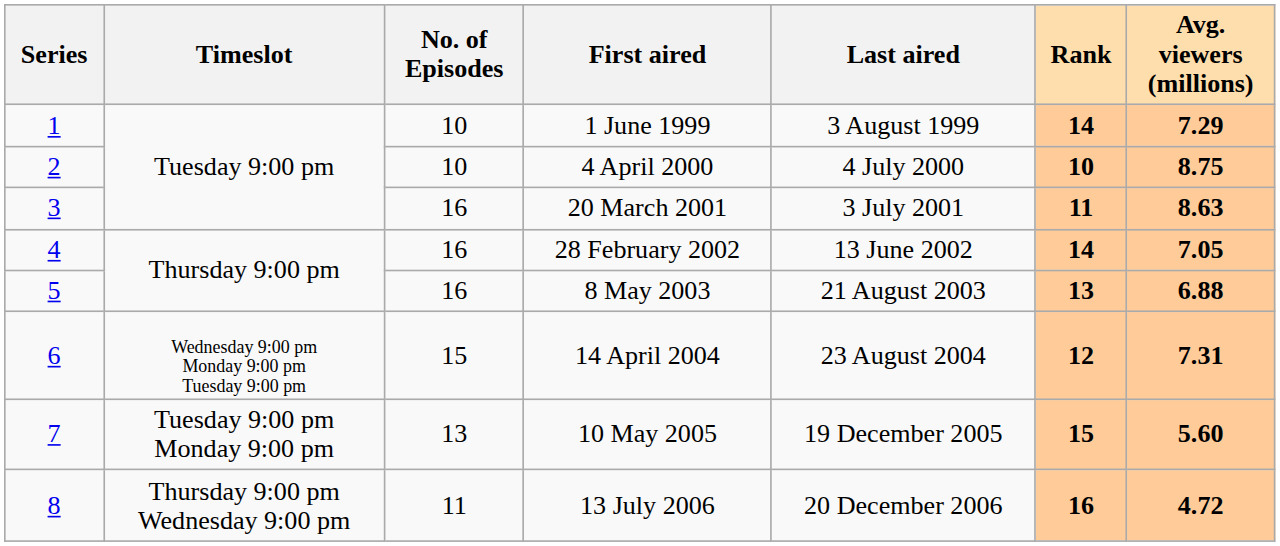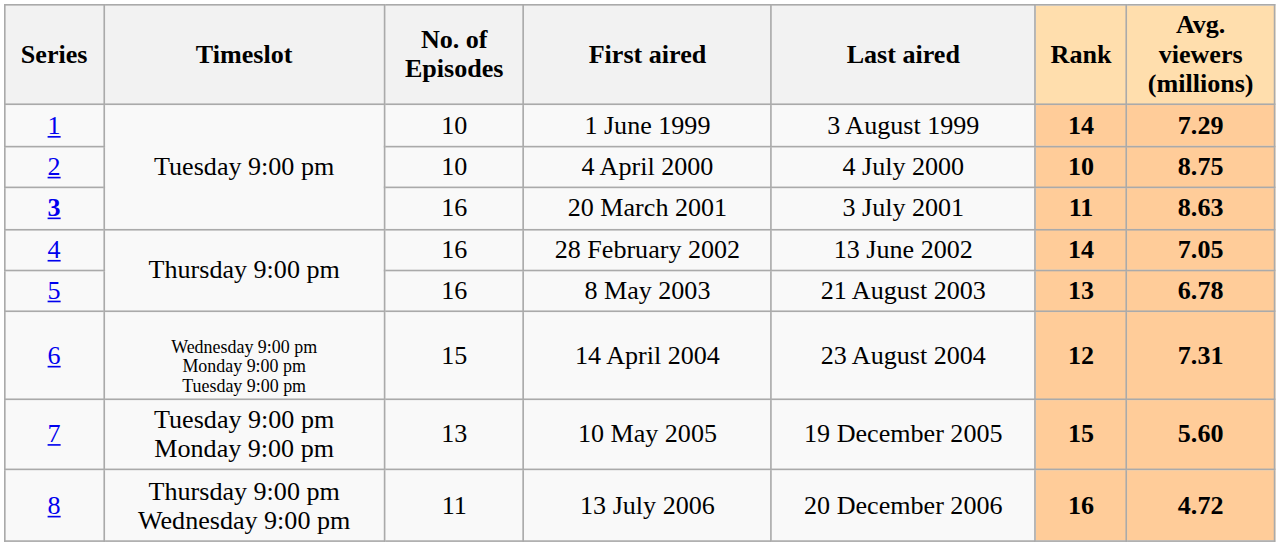 <table class="wikitable" width="780">
 <tr>
 <th>Series</th>
 <th>Timeslot</th>
 <th>No. of<br>Episodes</th>
 <th>First aired</th>
 <th>Last aired</th>
 <th style="background:#ffdead;">Rank</th>
 <th style="background:#ffdead;">Avg. <br> viewers <br> (millions)</th>
 </tr>
 <tr>
 <td align="center"><a href='#'>1</a></td>
 <td rowspan="3" align="center">Tuesday 9:00 pm</td>
 <td align="center">10</td>
 <td align="center">1 June 1999</td>
 <td align="center">3 August 1999</td>
 <td style="background:#fc9; text-align:center;"><strong>14</strong></td>
 <td style="background:#fc9; text-align:center;"><strong>7.29</strong></td>
 </tr>
 <tr>
 <td align="center"><a href='#'>2</a></td>
 <td align="center">10</td>
 <td align="center">4 April 2000</td>
 <td align="center">4 July 2000</td>
 <td style="background:#fc9; text-align:center;"><strong>10</strong></td>
 <td style="background:#fc9; text-align:center;"><strong>8.75</strong></td>
 </tr>
 <tr>
-<td align="center"><a href='#'>3</a></td>
+<td align="center"><strong><a href='#'>3</a></strong></td>
 <td align="center">16</td>
 <td align="center">20 March 2001</td>
 <td align="center">3 July 2001</td>
 <td style="background:#fc9; text-align:center;"><strong>11</strong></td>
 <td style="background:#fc9; text-align:center;"><strong>8.63</strong></td>
 </tr>
 <tr>
 <td align="center"><a href='#'>4</a></td>
 <td rowspan="2" align="center">Thursday 9:00 pm</td>
 <td align="center">16</td>
 <td align="center">28 February 2002</td>
 <td align="center">13 June 2002</td>
 <td style="background:#fc9; text-align:center;"><strong>14</strong></td>
 <td style="background:#fc9; text-align:center;"><strong>7.05</strong></td>
 </tr>
 <tr>
 <td align="center"><a href='#'>5</a></td>
 <td align="center">16</td>
 <td align="center">8 May 2003</td>
 <td align="center">21 August 2003</td>
 <td style="background:#fc9; text-align:center;"><strong>13</strong></td>
-<td style="background:#fc9; text-align:center;"><strong>6.88</strong></td>
+<td style="background:#fc9; text-align:center;"><strong>6.78</strong></td>
 </tr>
 <tr>
 <td align="center"><a href='#'>6</a></td>
 <th style="background:#F9F9F9;font-size:11px;font-weight:normal;text-align:center;line-height:110%"><br>Wednesday 9:00 pm <br> Monday 9:00 pm <br> Tuesday 9:00 pm </th>
 <td align="center">15</td>
 <td align="center">14 April 2004</td>
 <td align="center">23 August 2004</td>
 <td style="background:#fc9; text-align:center;"><strong>12</strong></td>
 <td style="background:#fc9; text-align:center;"><strong>7.31</strong></td>
 </tr>
 <tr>
 <td align="center"><a href='#'>7</a></td>
 <td align="center">Tuesday 9:00 pm <br>Monday 9:00 pm </td>
 <td align="center">13</td>
 <td align="center">10 May 2005</td>
 <td align="center">19 December 2005</td>
 <td style="background:#fc9; text-align:center;"><strong>15</strong></td>
 <td style="background:#fc9; text-align:center;"><strong>5.60</strong></td>
 </tr>
 <tr>
 <td align="center"><a href='#'>8</a></td>
 <td rowspan="2" align="center">Thursday 9:00 pm <br>Wednesday 9:00 pm </td>
 <td align="center">11</td>
 <td align="center">13 July 2006</td>
 <td align="center">20 December 2006</td>
 <td style="background:#fc9; text-align:center;"><strong>16</strong></td>
 <td style="background:#fc9; text-align:center;"><strong>4.72</strong></td>
 </tr>
 </table>
